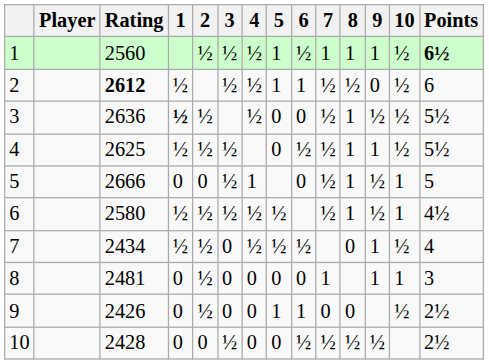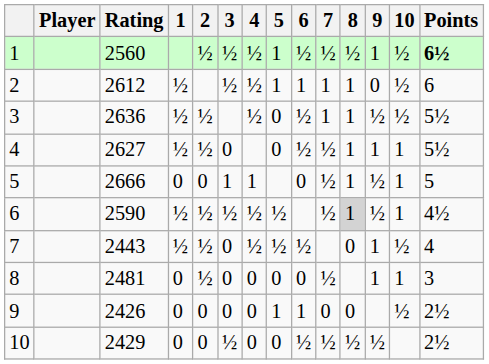 <table class=wikitable>
 <tr>
 <th></th>
 <th>Player</th>
 <th>Rating</th>
 <th>1</th>
 <th>2</th>
 <th>3</th>
 <th>4</th>
 <th>5</th>
 <th>6</th>
 <th>7</th>
 <th>8</th>
 <th>9</th>
 <th>10</th>
 <th>Points</th>
 </tr>
 <tr style="background:#ccffcc">
 <td>1</td>
 <td><strong></strong></td>
 <td>2560</td>
 <td></td>
 <td>½</td>
 <td>½</td>
 <td>½</td>
 <td>1</td>
 <td>½</td>
-<td>1</td>
-<td>1</td>
+<td>½</td>
+<td>½</td>
 <td>1</td>
 <td>½</td>
 <td><strong>6½</strong></td>
 </tr>
 <tr>
 <td>2</td>
 <td></td>
-<td><strong>2612</strong></td>
+<td>2612</td>
 <td>½</td>
 <td></td>
 <td>½</td>
 <td>½</td>
 <td>1</td>
 <td>1</td>
-<td>½</td>
-<td>½</td>
+<td>1</td>
+<td>1</td>
 <td>0</td>
 <td>½</td>
 <td>6</td>
 </tr>
 <tr>
 <td>3</td>
 <td></td>
 <td>2636</td>
-<td><strong>½</strong></td>
+<td>½</td>
 <td>½</td>
 <td></td>
 <td>½</td>
 <td>0</td>
-<td>0</td>
 <td>½</td>
+<td>1</td>
 <td>1</td>
 <td>½</td>
 <td>½</td>
 <td>5½</td>
 </tr>
 <tr>
 <td>4</td>
 <td></td>
-<td>2625</td>
+<td>2627</td>
 <td>½</td>
 <td>½</td>
-<td>½</td>
+<td>0</td>
 <td></td>
 <td>0</td>
 <td>½</td>
 <td>½</td>
 <td>1</td>
 <td>1</td>
-<td>½</td>
+<td>1</td>
 <td>5½</td>
 </tr>
 <tr>
 <td>5</td>
 <td></td>
 <td>2666</td>
 <td>0</td>
 <td>0</td>
-<td>½</td>
+<td>1</td>
 <td>1</td>
 <td></td>
 <td>0</td>
 <td>½</td>
 <td>1</td>
 <td>½</td>
 <td>1</td>
 <td>5</td>
 </tr>
 <tr>
 <td>6</td>
 <td></td>
-<td>2580</td>
+<td>2590</td>
 <td>½</td>
 <td>½</td>
 <td>½</td>
 <td>½</td>
 <td>½</td>
 <td></td>
 <td>½</td>
-<td>1</td>
+<td style="background: lightgrey;">1</td>
 <td>½</td>
 <td>1</td>
 <td>4½</td>
 </tr>
 <tr>
 <td>7</td>
 <td></td>
-<td>2434</td>
+<td>2443</td>
 <td>½</td>
 <td>½</td>
 <td>0</td>
 <td>½</td>
 <td>½</td>
 <td>½</td>
 <td></td>
 <td>0</td>
 <td>1</td>
 <td>½</td>
 <td>4</td>
 </tr>
 <tr>
 <td>8</td>
 <td></td>
 <td>2481</td>
 <td>0</td>
 <td>½</td>
 <td>0</td>
 <td>0</td>
 <td>0</td>
 <td>0</td>
-<td>1</td>
+<td>½</td>
 <td></td>
 <td>1</td>
 <td>1</td>
 <td>3</td>
 </tr>
 <tr>
 <td>9</td>
 <td></td>
 <td>2426</td>
 <td>0</td>
-<td>½</td>
+<td>0</td>
 <td>0</td>
 <td>0</td>
 <td>1</td>
 <td>1</td>
 <td>0</td>
 <td>0</td>
 <td></td>
 <td>½</td>
 <td>2½</td>
 </tr>
 <tr>
 <td>10</td>
 <td></td>
-<td>2428</td>
+<td>2429</td>
 <td>0</td>
 <td>0</td>
 <td>½</td>
 <td>0</td>
 <td>0</td>
 <td>½</td>
 <td>½</td>
 <td>½</td>
 <td>½</td>
 <td></td>
 <td>2½</td>
 </tr>
 </table>
